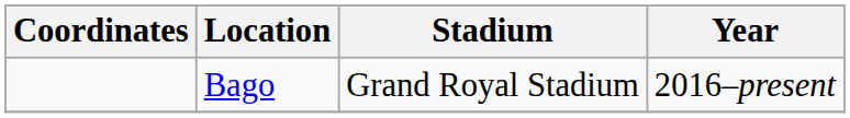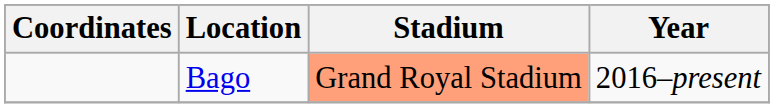 <table class="wikitable sortable">
 <tr>
 <th>Coordinates</th>
 <th>Location</th>
 <th>Stadium</th>
 <th>Year</th>
 </tr>
 <tr>
 <td></td>
 <td><a href='#'>Bago</a></td>
-<td>Grand Royal Stadium</td>
+<td style="background: lightsalmon;">Grand Royal Stadium</td>
 <td>2016–<em>present</em></td>
 </tr>
 <tr>
 </tr>
 </table>
